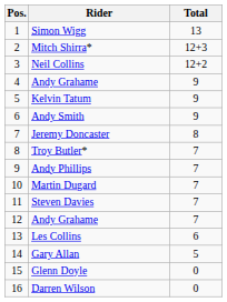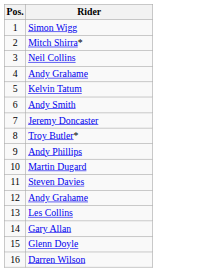 <table class=wikitable>
 <tr>
 <th width=25px>Pos.</th>
 <th width=200px>Rider</th>
-<th width=70px>Total</th>
 </tr>
 <tr align=center >
 <td>1</td>
 <td align=left> <a href='#'>Simon Wigg</a></td>
-<td>13</td>
 </tr>
 <tr align=center >
 <td>2</td>
 <td align=left> <a href='#'>Mitch Shirra</a>*</td>
-<td>12+3</td>
 </tr>
 <tr align=center >
 <td>3</td>
 <td align=left> <a href='#'>Neil Collins</a></td>
-<td>12+2</td>
 </tr>
 <tr align=center >
 <td>4</td>
 <td align=left> <a href='#'>Andy Grahame</a></td>
-<td>9</td>
 </tr>
 <tr align=center >
 <td>5</td>
 <td align=left> <a href='#'>Kelvin Tatum</a></td>
-<td>9</td>
 </tr>
 <tr align=center >
 <td>6</td>
 <td align=left> <a href='#'>Andy Smith</a></td>
-<td>9</td>
 </tr>
 <tr align=center >
 <td>7</td>
 <td align=left> <a href='#'>Jeremy Doncaster</a></td>
-<td>8</td>
 </tr>
 <tr align=center >
 <td>8</td>
 <td align=left> <a href='#'>Troy Butler</a>*</td>
-<td>7</td>
 </tr>
 <tr align=center >
 <td>9</td>
 <td align=left> <a href='#'>Andy Phillips</a></td>
-<td>7</td>
 </tr>
 <tr align=center >
 <td>10</td>
 <td align=left> <a href='#'>Martin Dugard</a></td>
-<td>7</td>
 </tr>
 <tr align=center >
 <td>11</td>
 <td align=left> <a href='#'>Steven Davies</a></td>
-<td>7</td>
 </tr>
 <tr align=center >
 <td>12</td>
 <td align=left> <a href='#'>Andy Grahame</a></td>
-<td>7</td>
 </tr>
 <tr align=center >
 <td>13</td>
 <td align=left> <a href='#'>Les Collins</a></td>
-<td>6</td>
 </tr>
 <tr align=center>
 <td>14</td>
 <td align=left> <a href='#'>Gary Allan</a></td>
-<td>5</td>
 </tr>
 <tr align=center>
 <td>15</td>
 <td align=left> <a href='#'>Glenn Doyle</a></td>
-<td>0</td>
 </tr>
 <tr align=center>
 <td>16</td>
 <td align=left> <a href='#'>Darren Wilson</a></td>
-<td>0</td>
 </tr>
 </table>
